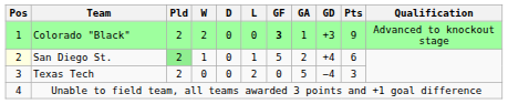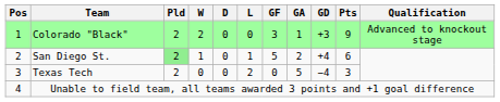 <table class="wikitable" style="text-align:center; margin: 1em auto">
 <tr>
 <th style="width:2em">Pos</th>
 <th style="width:13em">Team</th>
 <th style="width:2em">Pld</th>
 <th style="width:2em">W</th>
 <th style="width:2em">D</th>
 <th style="width:2em">L</th>
 <th style="width:2em">GF</th>
 <th style="width:2em">GA</th>
 <th style="width:2em">GD</th>
 <th style="width:2em">Pts</th>
 <th style="width:13em">Qualification</th>
 </tr>
 <tr bgcolor="#9eff9e">
 <td>1</td>
 <td style="text-align:left">Colorado "Black"</td>
 <td>2</td>
 <td>2</td>
 <td>0</td>
 <td>0</td>
-<td><strong>3</strong></td>
+<td>3</td>
 <td>1</td>
 <td>+3</td>
 <td>9</td>
 <td>Advanced to knockout stage</td>
 </tr>
 <tr>
-<td style="background: lightyellow;">2</td>
+<td>2</td>
 <td style="text-align:left">San Diego St.</td>
 <td style="background: lightgreen;">2</td>
 <td>1</td>
 <td>0</td>
 <td>1</td>
 <td>5</td>
 <td>2</td>
 <td>+4</td>
 <td>6</td>
 </tr>
 <tr>
 <td>3</td>
 <td style="text-align:left">Texas Tech</td>
 <td>2</td>
 <td>0</td>
 <td>0</td>
 <td>2</td>
 <td>0</td>
 <td>5</td>
 <td>−4</td>
 <td>3</td>
 </tr>
 <tr>
 <td>4</td>
 <td colspan="10">Unable to field team, all teams awarded 3 points and +1 goal difference</td>
 </tr>
 </table>
